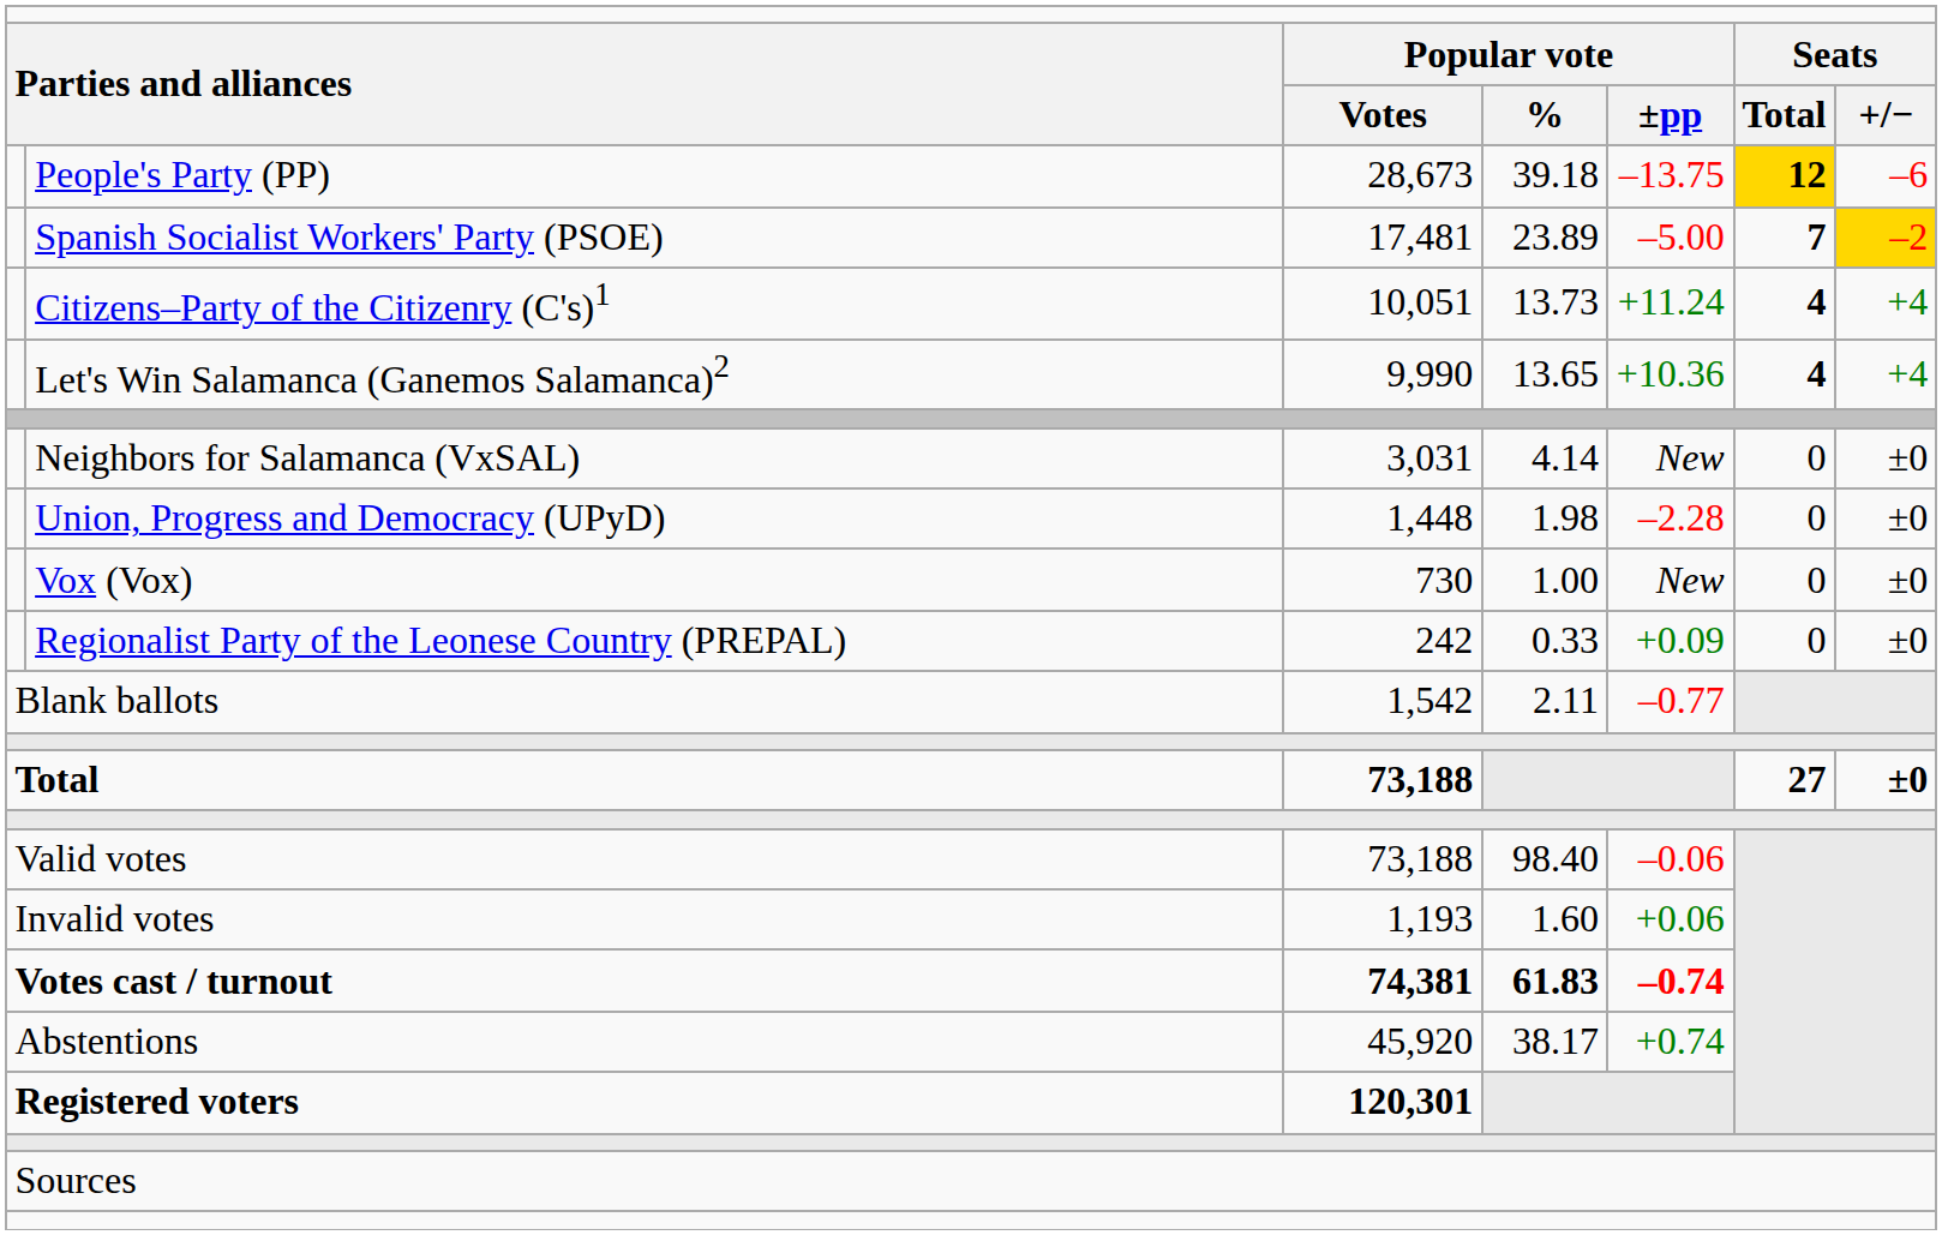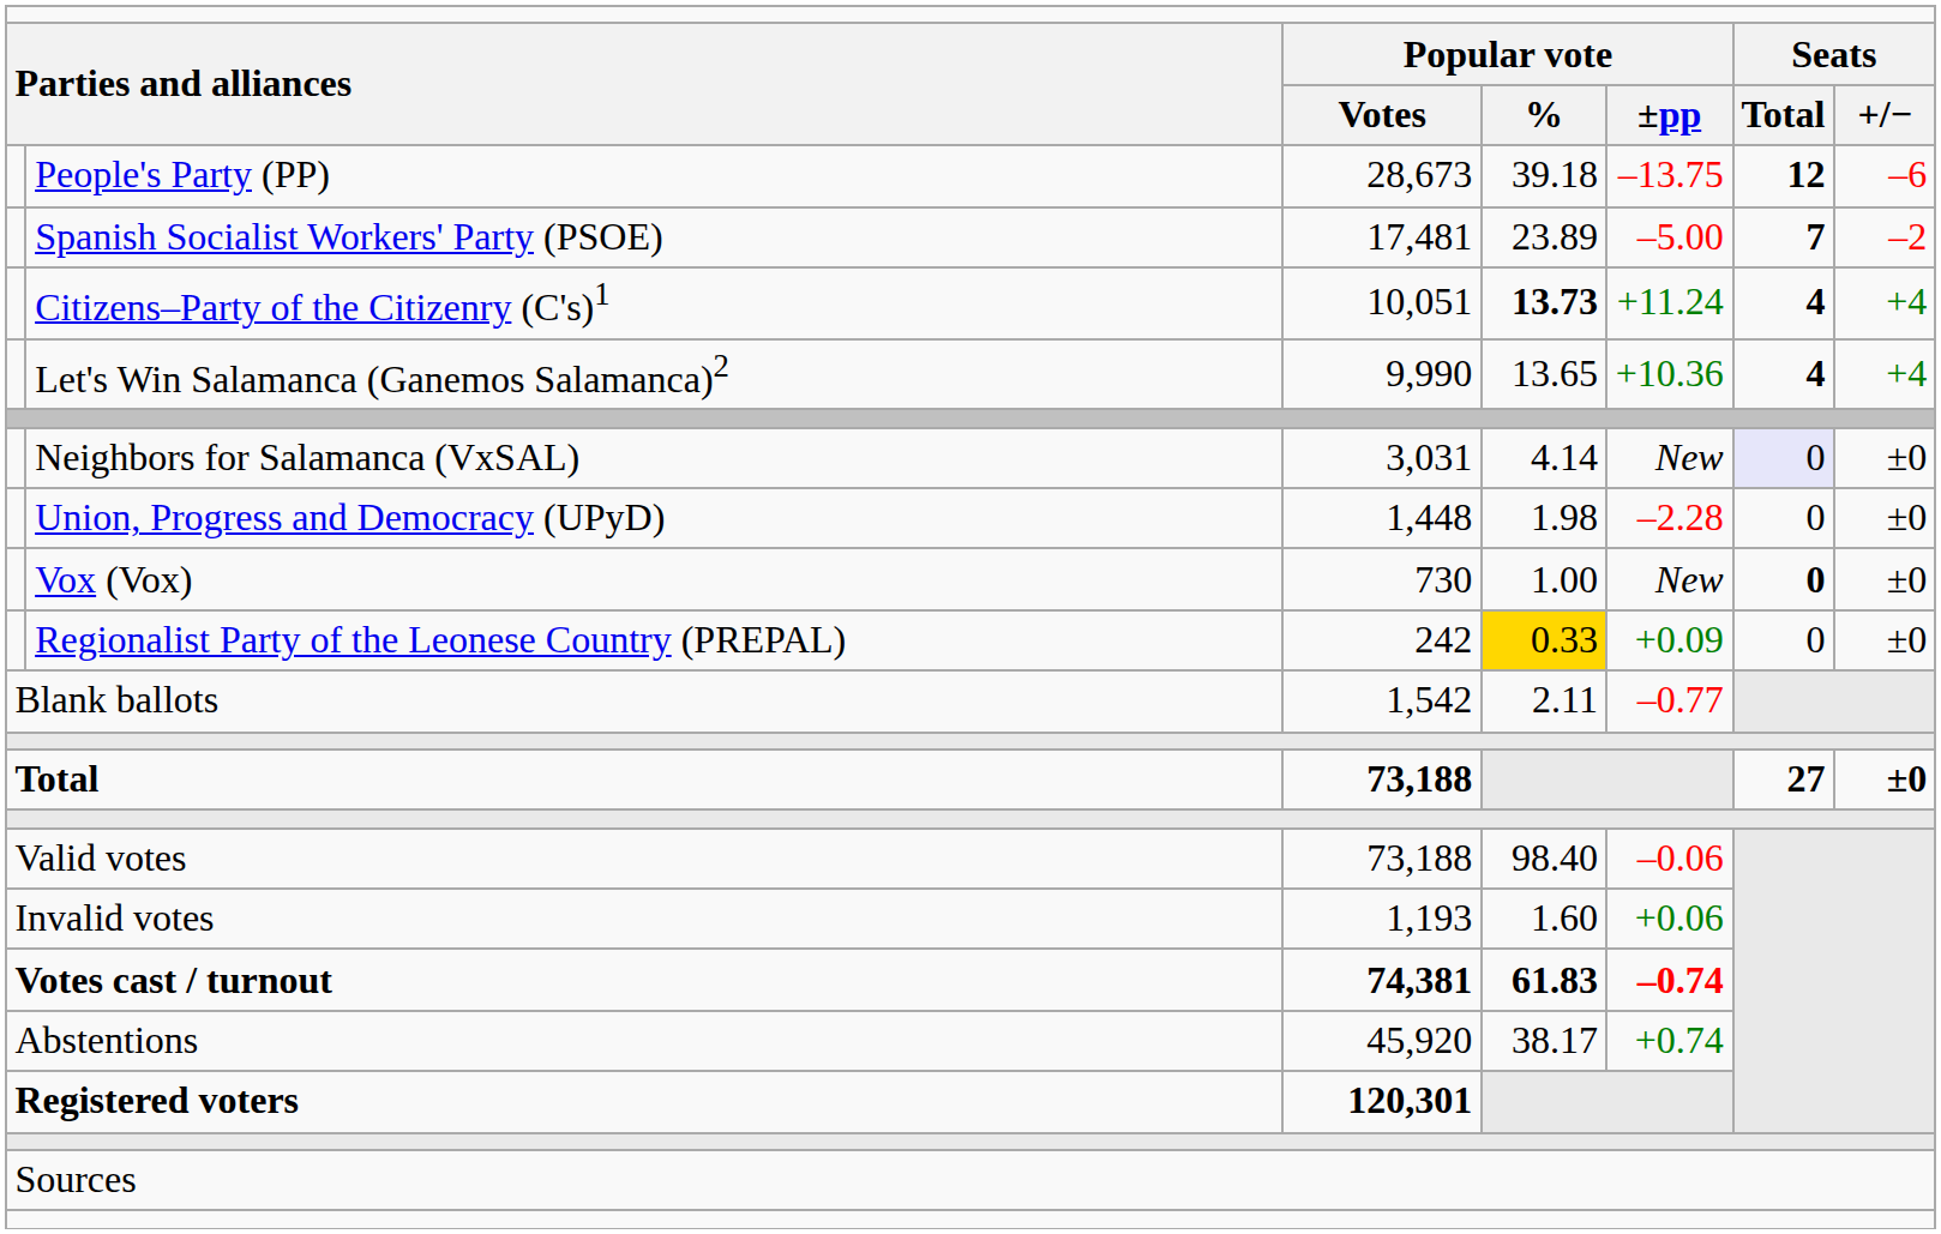 <table class="wikitable" style="text-align:right;">
 <tr>
 <td colspan="7"></td>
 </tr>
 <tr>
 <th style="text-align:left;" rowspan="2" colspan="2" width="525">Parties and alliances</th>
 <th colspan="3">Popular vote</th>
 <th colspan="2">Seats</th>
 </tr>
 <tr>
 <th width="75">Votes</th>
 <th width="45">%</th>
 <th width="45">±<a href='#'>pp</a></th>
 <th width="35">Total</th>
 <th width="35">+/−</th>
 </tr>
 <tr>
 <td width="1" style="color:inherit;background:"></td>
 <td align="left"><a href='#'>People's Party</a> (PP)</td>
 <td>28,673</td>
 <td>39.18</td>
 <td style="color:red;">–13.75</td>
-<td style="background: gold;"><strong>12</strong></td>
+<td><strong>12</strong></td>
 <td style="color:red;">–6</td>
 </tr>
 <tr>
 <td style="color:inherit;background:"></td>
 <td align="left"><a href='#'>Spanish Socialist Workers' Party</a> (PSOE)</td>
 <td>17,481</td>
 <td>23.89</td>
 <td style="color:red;">–5.00</td>
 <td><strong>7</strong></td>
-<td style="background: gold; color:red;">–2</td>
+<td style="color:red;">–2</td>
 </tr>
 <tr>
 <td style="color:inherit;background:"></td>
 <td align="left"><a href='#'>Citizens–Party of the Citizenry</a> (C's)<sup>1</sup></td>
 <td>10,051</td>
-<td>13.73</td>
+<td><strong>13.73</strong></td>
 <td style="color:green;">+11.24</td>
 <td><strong>4</strong></td>
 <td style="color:green;">+4</td>
 </tr>
 <tr>
 <td style="color:inherit;background:"></td>
 <td align="left">Let's Win Salamanca (Ganemos Salamanca)<sup>2</sup></td>
 <td>9,990</td>
 <td>13.65</td>
 <td style="color:green;">+10.36</td>
 <td><strong>4</strong></td>
 <td style="color:green;">+4</td>
 </tr>
 <tr>
 <td colspan="7" bgcolor="#C0C0C0"></td>
 </tr>
 <tr>
 <td style="color:inherit;background:"></td>
 <td align="left">Neighbors for Salamanca (VxSAL)</td>
 <td>3,031</td>
 <td>4.14</td>
 <td><em>New</em></td>
-<td>0</td>
+<td style="background: lavender;">0</td>
 <td>±0</td>
 </tr>
 <tr>
 <td style="color:inherit;background:"></td>
 <td align="left"><a href='#'>Union, Progress and Democracy</a> (UPyD)</td>
 <td>1,448</td>
 <td>1.98</td>
 <td style="color:red;">–2.28</td>
 <td>0</td>
 <td>±0</td>
 </tr>
 <tr>
 <td style="color:inherit;background:"></td>
 <td align="left"><a href='#'>Vox</a> (Vox)</td>
 <td>730</td>
 <td>1.00</td>
 <td><em>New</em></td>
-<td>0</td>
+<td><strong>0</strong></td>
 <td>±0</td>
 </tr>
 <tr>
 <td style="color:inherit;background:"></td>
 <td align="left"><a href='#'>Regionalist Party of the Leonese Country</a> (PREPAL)</td>
 <td>242</td>
-<td>0.33</td>
+<td style="background: gold;">0.33</td>
 <td style="color:green;">+0.09</td>
 <td>0</td>
 <td>±0</td>
 </tr>
 <tr>
 <td align="left" colspan="2">Blank ballots</td>
 <td>1,542</td>
 <td>2.11</td>
 <td style="color:red;">–0.77</td>
 <td bgcolor="#E9E9E9" colspan="2"></td>
 </tr>
 <tr>
 <td colspan="7" bgcolor="#E9E9E9"></td>
 </tr>
 <tr style="font-weight:bold;">
 <td align="left" colspan="2">Total</td>
 <td>73,188</td>
 <td bgcolor="#E9E9E9" colspan="2"></td>
 <td>27</td>
 <td>±0</td>
 </tr>
 <tr>
 <td colspan="7" bgcolor="#E9E9E9"></td>
 </tr>
 <tr>
 <td align="left" colspan="2">Valid votes</td>
 <td>73,188</td>
 <td>98.40</td>
 <td style="color:red;">–0.06</td>
 <td bgcolor="#E9E9E9" colspan="2" rowspan="5"></td>
 </tr>
 <tr>
 <td align="left" colspan="2">Invalid votes</td>
 <td>1,193</td>
 <td>1.60</td>
 <td style="color:green;">+0.06</td>
 </tr>
 <tr style="font-weight:bold;">
 <td align="left" colspan="2">Votes cast / turnout</td>
 <td>74,381</td>
 <td>61.83</td>
 <td style="color:red;">–0.74</td>
 </tr>
 <tr>
 <td align="left" colspan="2">Abstentions</td>
 <td>45,920</td>
 <td>38.17</td>
 <td style="color:green;">+0.74</td>
 </tr>
 <tr style="font-weight:bold;">
 <td align="left" colspan="2">Registered voters</td>
 <td>120,301</td>
 <td bgcolor="#E9E9E9" colspan="2"></td>
 </tr>
 <tr>
 <td colspan="7" bgcolor="#E9E9E9"></td>
 </tr>
 <tr>
 <td align="left" colspan="7">Sources</td>
 </tr>
 <tr>
 <td colspan="7" style="text-align:left; max-width:790px;"></td>
 </tr>
 </table>
